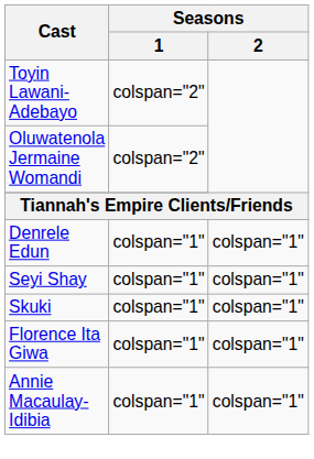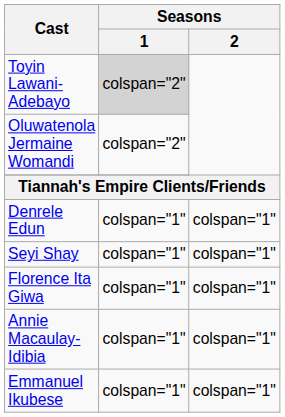 <table class="wikitable plainrowheaders" width="30%">
 <tr>
 <th rowspan="2" style="width:60%;">Cast</th>
 <th colspan="2">Seasons</th>
 </tr>
 <tr>
 <th style="width:5%;">1</th>
 <th style="width:5%;">2</th>
 </tr>
 <tr>
 <td><a href='#'>Toyin Lawani-Adebayo</a></td>
-<td>colspan="2" </td>
+<td style="background: lightgrey;">colspan="2" </td>
 </tr>
 <tr>
 <td><a href='#'>Oluwatenola Jermaine Womandi</a></td>
 <td>colspan="2" </td>
 </tr>
 <tr>
 </tr>
 <tr>
 <th colspan="3">Tiannah's Empire Clients/Friends</th>
 </tr>
 <tr>
 <td><a href='#'>Denrele Edun</a></td>
 <td>colspan="1" </td>
 <td>colspan="1" </td>
 </tr>
 <tr>
 <td><a href='#'>Seyi Shay</a></td>
 <td>colspan="1" </td>
 <td>colspan="1" </td>
 </tr>
 <tr>
-<td><a href='#'>Skuki</a></td>
-<td>colspan="1" </td>
-<td>colspan="1" </td>
-</tr>
-<tr>
 <td><a href='#'>Florence Ita Giwa</a></td>
 <td>colspan="1" </td>
 <td>colspan="1" </td>
 </tr>
 <tr>
 <td><a href='#'>Annie Macaulay-Idibia</a></td>
 <td>colspan="1" </td>
 <td>colspan="1" </td>
 </tr>
+<tr>
+<td><a href='#'>Emmanuel Ikubese</a></td>
+<td>colspan="1" </td>
+<td>colspan="1" </td>
+</tr>
 </table>
